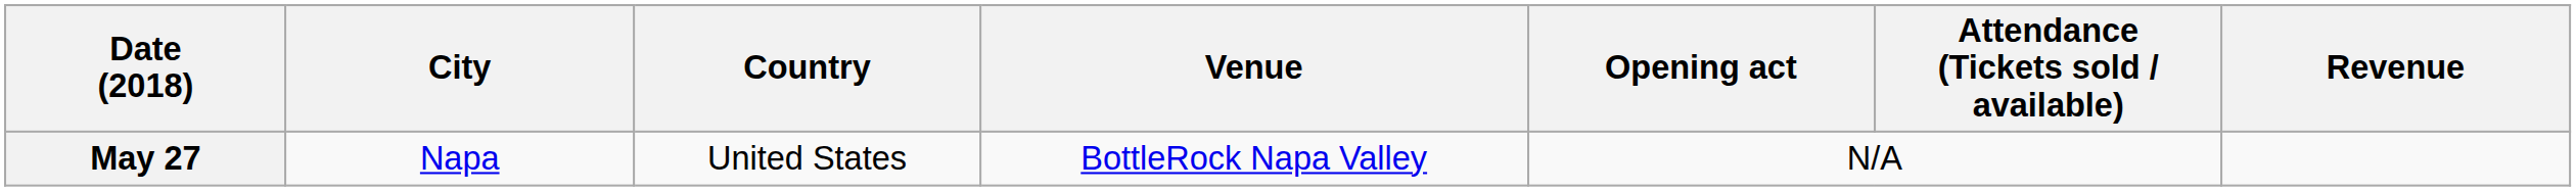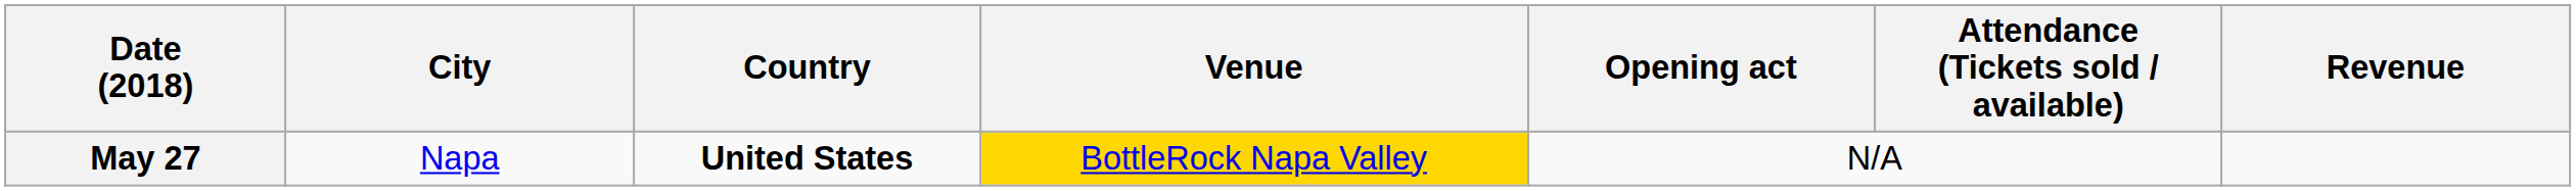 <table class="wikitable plainrowheaders" style="text-align:center;">
 <tr>
 <th scope="col" style="width:8em;">Date<br>(2018)</th>
 <th scope="col" style="width:10em;">City</th>
 <th scope="col" style="width:10em;">Country</th>
 <th scope="col" style="width:16em;">Venue</th>
 <th scope="col" style="width:10em;">Opening act</th>
 <th scope="col" style="width:10em;">Attendance<br>(Tickets sold / available)</th>
 <th scope="col" style="width:10em;">Revenue</th>
 </tr>
 <tr>
 <th scope="row">May 27</th>
 <td><a href='#'>Napa</a></td>
-<td>United States</td>
-<td><a href='#'>BottleRock Napa Valley</a></td>
+<td><strong>United States</strong></td>
+<td style="background: gold;"><a href='#'>BottleRock Napa Valley</a></td>
 <td colspan="2">N/A</td>
 </tr>
 </table>
